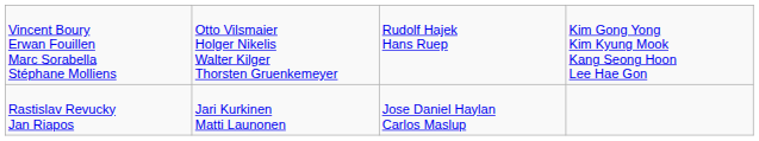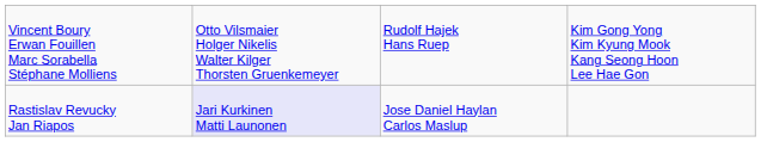 <table class="wikitable">
 <tr>
 <td style="vertical-align:top; width:220px"><br><a href='#'>Vincent Boury</a><br><a href='#'>Erwan Fouillen</a><br><a href='#'>Marc Sorabella</a><br><a href='#'>Stéphane Molliens</a></td>
 <td style="vertical-align:top; width:220px"><br><a href='#'>Otto Vilsmaier</a><br><a href='#'>Holger Nikelis</a><br><a href='#'>Walter Kilger</a><br><a href='#'>Thorsten Gruenkemeyer</a></td>
 <td style="vertical-align:top; width:220px"><br><a href='#'>Rudolf Hajek</a><br><a href='#'>Hans Ruep</a></td>
 <td style="vertical-align:top; width:220px"><br><a href='#'>Kim Gong Yong</a><br><a href='#'>Kim Kyung Mook</a><br><a href='#'>Kang Seong Hoon</a><br><a href='#'>Lee Hae Gon</a></td>
 </tr>
 <tr>
 <td style="vertical-align:top; width:220px"><br><a href='#'>Rastislav Revucky</a><br><a href='#'>Jan Riapos</a></td>
-<td style="vertical-align:top; width:220px"><br><a href='#'>Jari Kurkinen</a><br><a href='#'>Matti Launonen</a></td>
+<td style="background: lavender; vertical-align:top; width:220px"><br><a href='#'>Jari Kurkinen</a><br><a href='#'>Matti Launonen</a></td>
 <td style="vertical-align:top; width:220px"><br><a href='#'>Jose Daniel Haylan</a><br><a href='#'>Carlos Maslup</a></td>
 </tr>
 </table>
